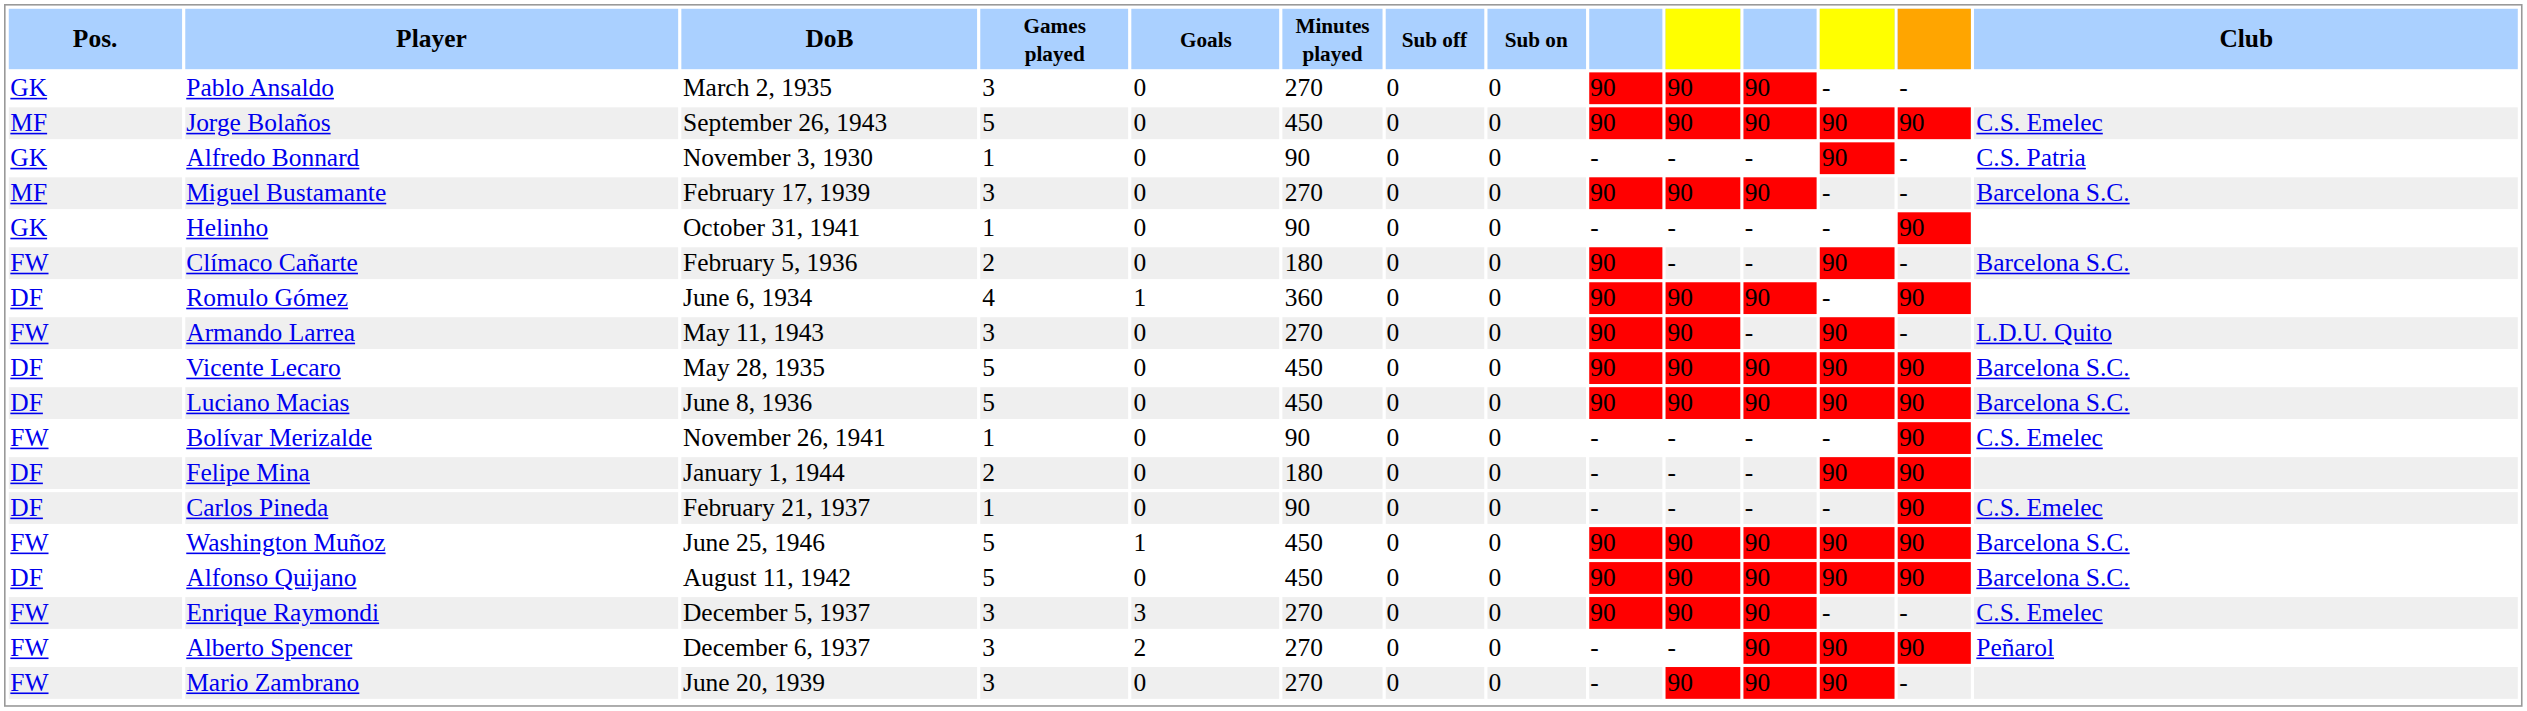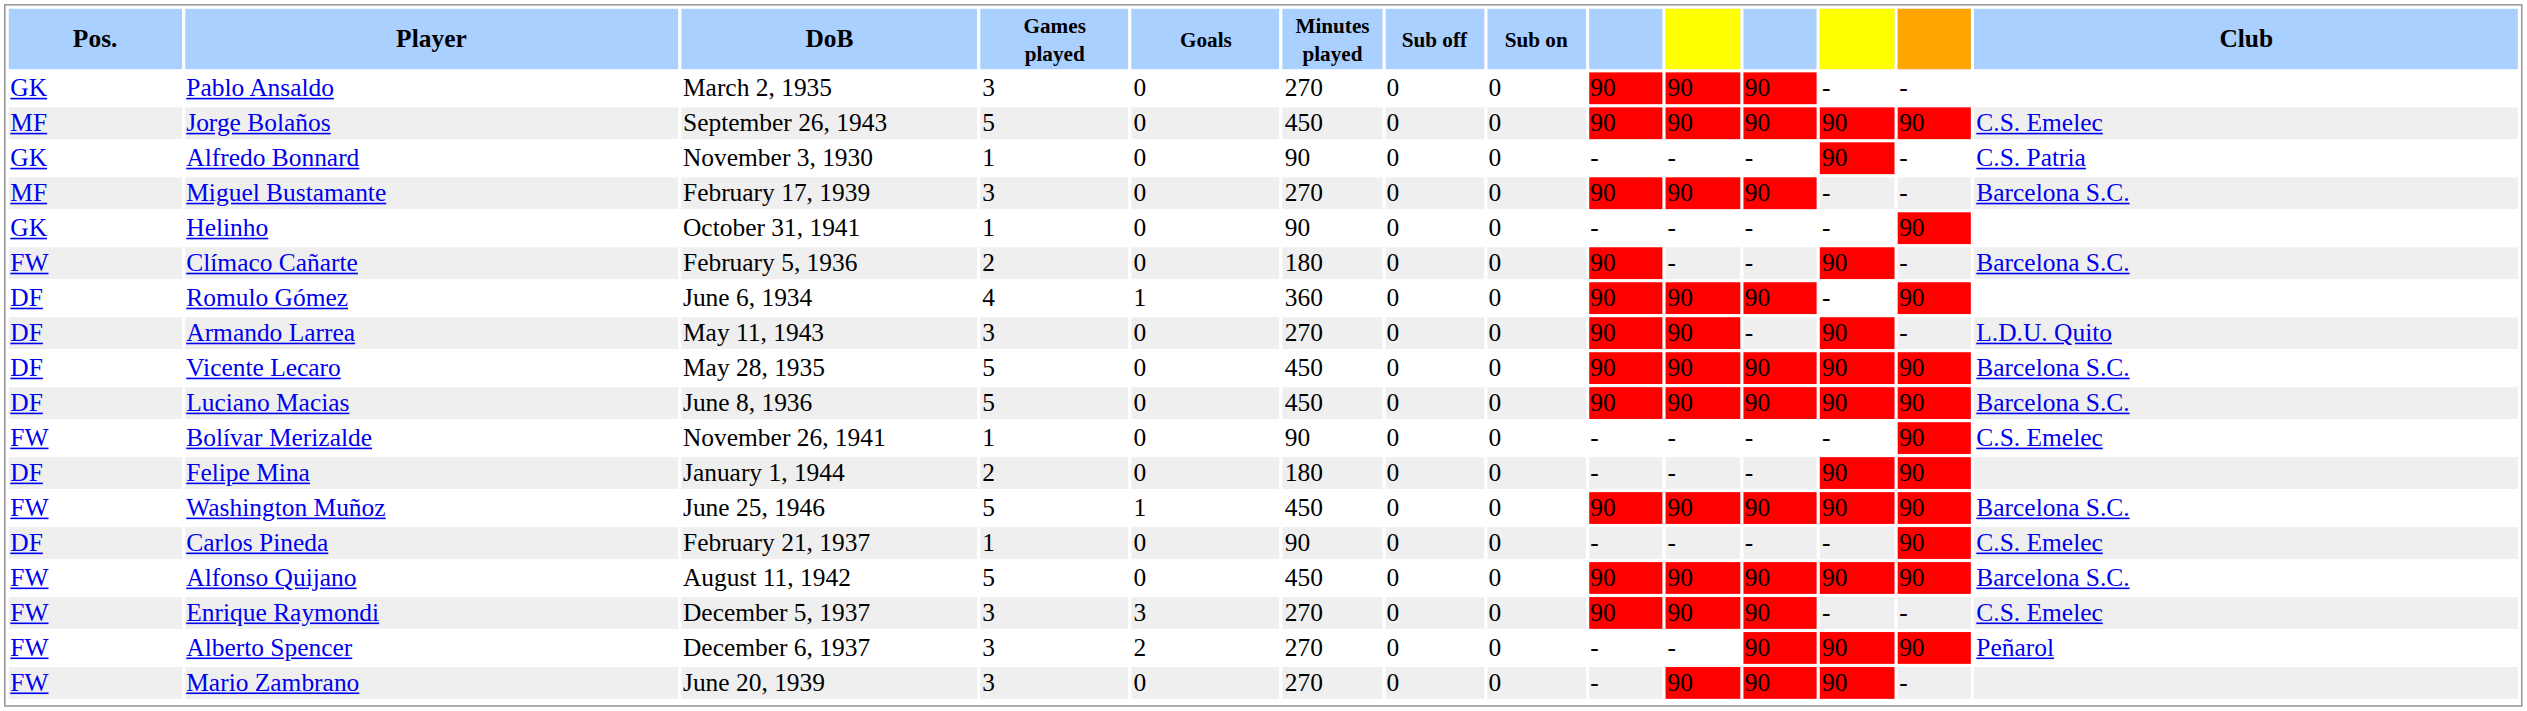 <table border="0" width="100%" style="border: 1px solid #999; background-color:#FFFFFF; textalign:center">
 <tr align="center" bgcolor="#AAD0FF">
 <th width=7%>Pos.</th>
 <th width=20%>Player</th>
 <th width=12%>DoB</th>
 <th width=6%><small>Games<br>played</small></th>
 <th width=6%><small>Goals</small></th>
 <th width=4%><small>Minutes<br>played</small></th>
 <th width=4%><small>Sub off</small></th>
 <th width=4%><small>Sub on</small></th>
 <th width=3%></th>
 <th width=3% bgcolor=yellow></th>
 <th width=3%></th>
 <th width=3% bgcolor=yellow></th>
 <th width=3% bgcolor=orange></th>
 <th width=27%>Club</th>
 </tr>
 <tr>
 <td><a href='#'>GK</a></td>
 <td align="left"><a href='#'>Pablo Ansaldo</a></td>
 <td>March 2, 1935</td>
 <td>3</td>
 <td>0</td>
 <td>270</td>
 <td>0</td>
 <td>0</td>
 <td bgcolor=red>90</td>
 <td bgcolor=red>90</td>
 <td bgcolor=red>90</td>
 <td>-</td>
 <td>-</td>
 <td align="left"></td>
 </tr>
 <tr bgcolor="#EFEFEF">
 <td><a href='#'>MF</a></td>
 <td align="left"><a href='#'>Jorge Bolaños</a></td>
 <td>September 26, 1943</td>
 <td>5</td>
 <td>0</td>
 <td>450</td>
 <td>0</td>
 <td>0</td>
 <td bgcolor=red>90</td>
 <td bgcolor=red>90</td>
 <td bgcolor=red>90</td>
 <td bgcolor=red>90</td>
 <td bgcolor=red>90</td>
 <td align="left"> <a href='#'>C.S. Emelec</a></td>
 </tr>
 <tr>
 <td><a href='#'>GK</a></td>
 <td align="left"><a href='#'>Alfredo Bonnard</a></td>
 <td>November 3, 1930</td>
 <td>1</td>
 <td>0</td>
 <td>90</td>
 <td>0</td>
 <td>0</td>
 <td>-</td>
 <td>-</td>
 <td>-</td>
 <td bgcolor=red>90</td>
 <td>-</td>
 <td align="left"> <a href='#'>C.S. Patria</a></td>
 </tr>
 <tr bgcolor="#EFEFEF">
 <td><a href='#'>MF</a></td>
 <td align="left"><a href='#'>Miguel Bustamante</a></td>
 <td>February 17, 1939</td>
 <td>3</td>
 <td>0</td>
 <td>270</td>
 <td>0</td>
 <td>0</td>
 <td bgcolor=red>90</td>
 <td bgcolor=red>90</td>
 <td bgcolor=red>90</td>
 <td>-</td>
 <td>-</td>
 <td align="left"> <a href='#'>Barcelona S.C.</a></td>
 </tr>
 <tr>
 <td><a href='#'>GK</a></td>
 <td align="left"><a href='#'>Helinho</a></td>
 <td>October 31, 1941</td>
 <td>1</td>
 <td>0</td>
 <td>90</td>
 <td>0</td>
 <td>0</td>
 <td>-</td>
 <td>-</td>
 <td>-</td>
 <td>-</td>
 <td bgcolor=red>90</td>
 <td align="left"></td>
 </tr>
 <tr bgcolor="#EFEFEF">
 <td><a href='#'>FW</a></td>
 <td align="left"><a href='#'>Clímaco Cañarte</a></td>
 <td>February 5, 1936</td>
 <td>2</td>
 <td>0</td>
 <td>180</td>
 <td>0</td>
 <td>0</td>
 <td bgcolor=red>90</td>
 <td>-</td>
 <td>-</td>
 <td bgcolor=red>90</td>
 <td>-</td>
 <td align="left"> <a href='#'>Barcelona S.C.</a></td>
 </tr>
 <tr>
 <td><a href='#'>DF</a></td>
 <td align="left"><a href='#'>Romulo Gómez</a></td>
 <td>June 6, 1934</td>
 <td>4</td>
 <td>1</td>
 <td>360</td>
 <td>0</td>
 <td>0</td>
 <td bgcolor=red>90</td>
 <td bgcolor=red>90</td>
 <td bgcolor=red>90</td>
 <td>-</td>
 <td bgcolor=red>90</td>
 <td align="left"></td>
 </tr>
 <tr bgcolor="#EFEFEF">
-<td><a href='#'>FW</a></td>
+<td><a href='#'>DF</a></td>
 <td align="left"><a href='#'>Armando Larrea</a></td>
 <td>May 11, 1943</td>
 <td>3</td>
 <td>0</td>
 <td>270</td>
 <td>0</td>
 <td>0</td>
 <td bgcolor=red>90</td>
 <td bgcolor=red>90</td>
 <td>-</td>
 <td bgcolor=red>90</td>
 <td>-</td>
 <td align="left"> <a href='#'>L.D.U. Quito</a></td>
 </tr>
 <tr>
 <td><a href='#'>DF</a></td>
 <td align="left"><a href='#'>Vicente Lecaro</a></td>
 <td>May 28, 1935</td>
 <td>5</td>
 <td>0</td>
 <td>450</td>
 <td>0</td>
 <td>0</td>
 <td bgcolor=red>90</td>
 <td bgcolor=red>90</td>
 <td bgcolor=red>90</td>
 <td bgcolor=red>90</td>
 <td bgcolor=red>90</td>
 <td align="left"> <a href='#'>Barcelona S.C.</a></td>
 </tr>
 <tr bgcolor="#EFEFEF">
 <td><a href='#'>DF</a></td>
 <td align="left"><a href='#'>Luciano Macias</a></td>
 <td>June 8, 1936</td>
 <td>5</td>
 <td>0</td>
 <td>450</td>
 <td>0</td>
 <td>0</td>
 <td bgcolor=red>90</td>
 <td bgcolor=red>90</td>
 <td bgcolor=red>90</td>
 <td bgcolor=red>90</td>
 <td bgcolor=red>90</td>
 <td align="left"> <a href='#'>Barcelona S.C.</a></td>
 </tr>
 <tr>
 <td><a href='#'>FW</a></td>
 <td align="left"><a href='#'>Bolívar Merizalde</a></td>
 <td>November 26, 1941</td>
 <td>1</td>
 <td>0</td>
 <td>90</td>
 <td>0</td>
 <td>0</td>
 <td>-</td>
 <td>-</td>
 <td>-</td>
 <td>-</td>
 <td bgcolor=red>90</td>
 <td align="left"> <a href='#'>C.S. Emelec</a></td>
 </tr>
 <tr bgcolor="#EFEFEF">
 <td><a href='#'>DF</a></td>
 <td align="left"><a href='#'>Felipe Mina</a></td>
 <td>January 1, 1944</td>
 <td>2</td>
 <td>0</td>
 <td>180</td>
 <td>0</td>
 <td>0</td>
 <td>-</td>
 <td>-</td>
 <td>-</td>
 <td bgcolor=red>90</td>
 <td bgcolor=red>90</td>
 <td align="left"></td>
 </tr>
+<tr>
+<td><a href='#'>FW</a></td>
+<td align="left"><a href='#'>Washington Muñoz</a></td>
+<td>June 25, 1946</td>
+<td>5</td>
+<td>1</td>
+<td>450</td>
+<td>0</td>
+<td>0</td>
+<td bgcolor=red>90</td>
+<td bgcolor=red>90</td>
+<td bgcolor=red>90</td>
+<td bgcolor=red>90</td>
+<td bgcolor=red>90</td>
+<td align="left"> <a href='#'>Barcelona S.C.</a></td>
+</tr>
 <tr bgcolor="#EFEFEF">
 <td><a href='#'>DF</a></td>
 <td align="left"><a href='#'>Carlos Pineda</a></td>
 <td>February 21, 1937</td>
 <td>1</td>
 <td>0</td>
 <td>90</td>
 <td>0</td>
 <td>0</td>
 <td>-</td>
 <td>-</td>
 <td>-</td>
 <td>-</td>
 <td bgcolor=red>90</td>
 <td align="left"> <a href='#'>C.S. Emelec</a></td>
 </tr>
 <tr>
 <td><a href='#'>FW</a></td>
-<td align="left"><a href='#'>Washington Muñoz</a></td>
-<td>June 25, 1946</td>
-<td>5</td>
-<td>1</td>
-<td>450</td>
-<td>0</td>
-<td>0</td>
-<td bgcolor=red>90</td>
-<td bgcolor=red>90</td>
-<td bgcolor=red>90</td>
-<td bgcolor=red>90</td>
-<td bgcolor=red>90</td>
-<td align="left"> <a href='#'>Barcelona S.C.</a></td>
-</tr>
-<tr>
-<td><a href='#'>DF</a></td>
 <td align="left"><a href='#'>Alfonso Quijano</a></td>
 <td>August 11, 1942</td>
 <td>5</td>
 <td>0</td>
 <td>450</td>
 <td>0</td>
 <td>0</td>
 <td bgcolor=red>90</td>
 <td bgcolor=red>90</td>
 <td bgcolor=red>90</td>
 <td bgcolor=red>90</td>
 <td bgcolor=red>90</td>
 <td align="left"> <a href='#'>Barcelona S.C.</a></td>
 </tr>
 <tr bgcolor="#EFEFEF">
 <td><a href='#'>FW</a></td>
 <td align="left"><a href='#'>Enrique Raymondi</a></td>
 <td>December 5, 1937</td>
 <td>3</td>
 <td>3</td>
 <td>270</td>
 <td>0</td>
 <td>0</td>
 <td bgcolor=red>90</td>
 <td bgcolor=red>90</td>
 <td bgcolor=red>90</td>
 <td>-</td>
 <td>-</td>
 <td align="left"> <a href='#'>C.S. Emelec</a></td>
 </tr>
 <tr>
 <td><a href='#'>FW</a></td>
 <td align="left"><a href='#'>Alberto Spencer</a></td>
 <td>December 6, 1937</td>
 <td>3</td>
 <td>2</td>
 <td>270</td>
 <td>0</td>
 <td>0</td>
 <td>-</td>
 <td>-</td>
 <td bgcolor=red>90</td>
 <td bgcolor=red>90</td>
 <td bgcolor=red>90</td>
 <td align="left"> <a href='#'>Peñarol</a></td>
 </tr>
 <tr bgcolor="#EFEFEF">
 <td><a href='#'>FW</a></td>
 <td align="left"><a href='#'>Mario Zambrano</a></td>
 <td>June 20, 1939</td>
 <td>3</td>
 <td>0</td>
 <td>270</td>
 <td>0</td>
 <td>0</td>
 <td>-</td>
 <td bgcolor=red>90</td>
 <td bgcolor=red>90</td>
 <td bgcolor=red>90</td>
 <td>-</td>
 <td align="left"></td>
 </tr>
 <tr>
 </tr>
 </table>
